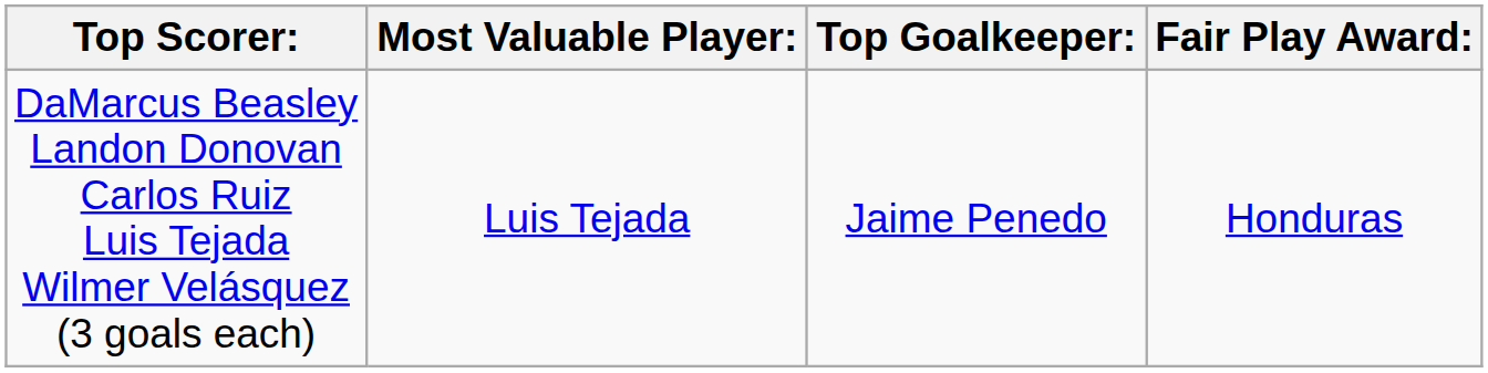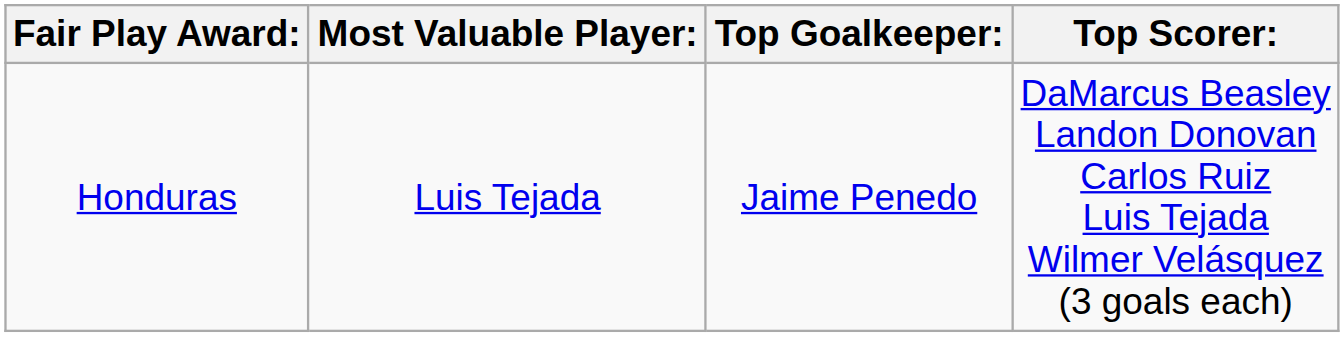 <table class="wikitable" style="margin: 0 auto;">
 <tr>
-<th><strong>Top Scorer</strong>:</th>
+<th><strong>Fair Play Award</strong>:</th>
 <th><strong>Most Valuable Player</strong>:</th>
 <th><strong>Top Goalkeeper</strong>:</th>
-<th><strong>Fair Play Award</strong>:</th>
+<th><strong>Top Scorer</strong>:</th>
 </tr>
 <tr>
-<td align=center> <a href='#'>DaMarcus Beasley</a><br> <a href='#'>Landon Donovan</a><br> <a href='#'>Carlos Ruiz</a><br> <a href='#'>Luis Tejada</a><br> <a href='#'>Wilmer Velásquez</a><br>(3 goals each)</td>
+<td align=center> <a href='#'>Honduras</a></td>
 <td align=center> <a href='#'>Luis Tejada</a></td>
 <td align=center> <a href='#'>Jaime Penedo</a></td>
-<td align=center> <a href='#'>Honduras</a></td>
+<td align=center> <a href='#'>DaMarcus Beasley</a><br> <a href='#'>Landon Donovan</a><br> <a href='#'>Carlos Ruiz</a><br> <a href='#'>Luis Tejada</a><br> <a href='#'>Wilmer Velásquez</a><br>(3 goals each)</td>
 </tr>
 </table>
